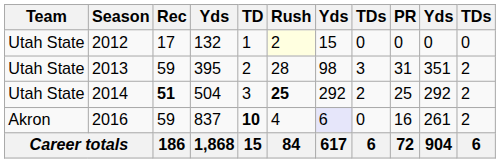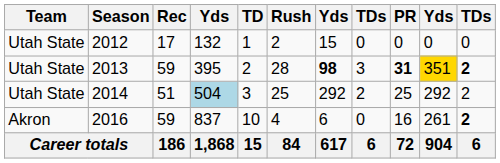 <table class="wikitable">
 <tr>
 <th>Team</th>
 <th>Season</th>
 <th>Rec</th>
 <th>Yds</th>
 <th>TD</th>
 <th>Rush</th>
 <th>Yds</th>
 <th>TDs</th>
 <th>PR</th>
 <th>Yds</th>
 <th>TDs</th>
 </tr>
 <tr>
 <td>Utah State</td>
 <td>2012</td>
 <td>17</td>
 <td>132</td>
 <td>1</td>
-<td style="background: lightyellow;">2</td>
+<td>2</td>
 <td>15</td>
 <td>0</td>
 <td>0</td>
 <td>0</td>
 <td>0</td>
 </tr>
 <tr>
 <td>Utah State</td>
 <td>2013</td>
 <td>59</td>
 <td>395</td>
 <td>2</td>
 <td>28</td>
-<td>98</td>
+<td><strong>98</strong></td>
 <td>3</td>
-<td>31</td>
-<td>351</td>
-<td>2</td>
+<td><strong>31</strong></td>
+<td style="background: gold;">351</td>
+<td><strong>2</strong></td>
 </tr>
 <tr>
 <td>Utah State</td>
 <td>2014</td>
-<td><strong>51</strong></td>
-<td>504</td>
+<td>51</td>
+<td style="background: lightblue;">504</td>
 <td>3</td>
-<td><strong>25</strong></td>
+<td>25</td>
 <td>292</td>
 <td>2</td>
 <td>25</td>
 <td>292</td>
 <td>2</td>
 </tr>
 <tr>
 <td>Akron</td>
 <td>2016</td>
 <td>59</td>
 <td>837</td>
-<td><strong>10</strong></td>
+<td>10</td>
 <td>4</td>
-<td style="background: lavender;">6</td>
+<td>6</td>
 <td>0</td>
 <td>16</td>
 <td>261</td>
-<td>2</td>
+<td><strong>2</strong></td>
 </tr>
 <tr>
 <th colspan="2"><em>Career totals</em></th>
 <th>186</th>
 <th>1,868</th>
 <th>15</th>
 <th>84</th>
 <th>617</th>
 <th>6</th>
 <th>72</th>
 <th>904</th>
 <th>6</th>
 </tr>
 </table>
